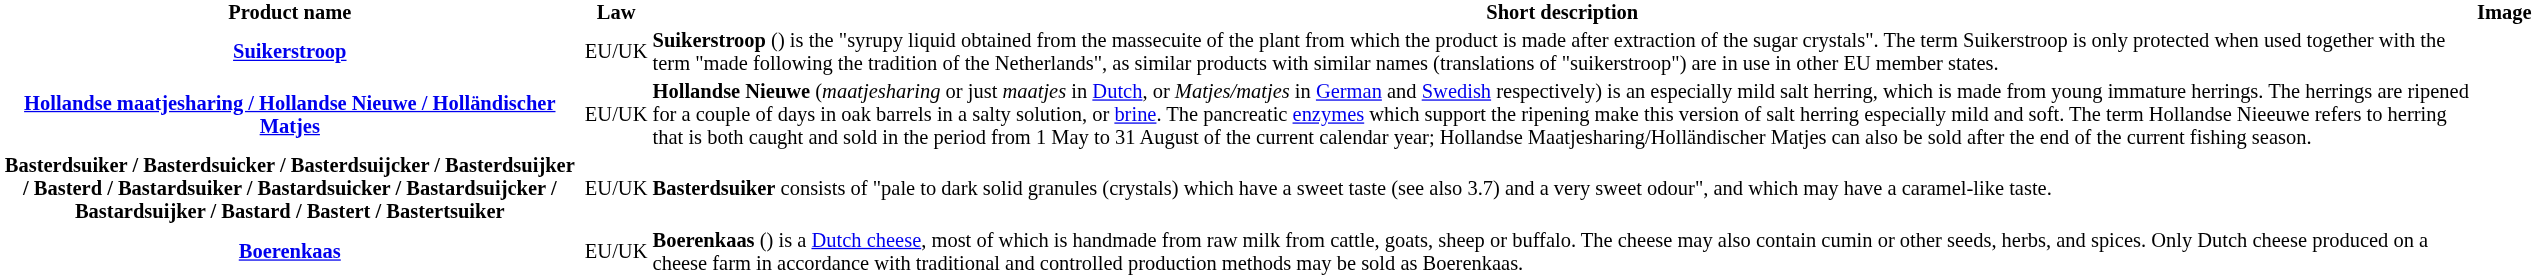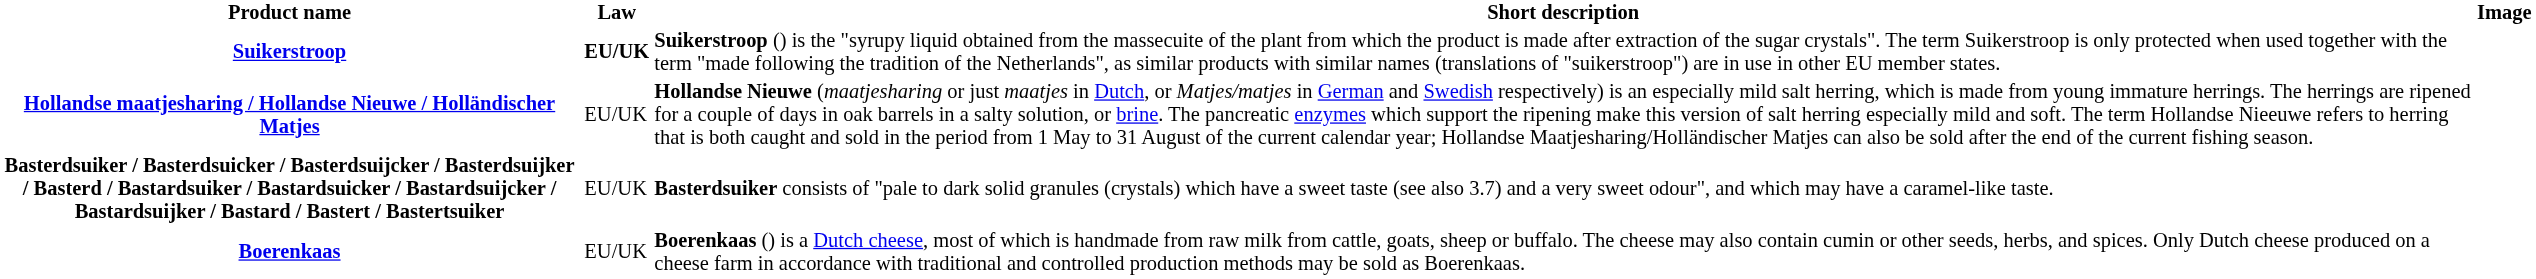 <table>
 <tr>
 <th>Product name</th>
 <th>Law</th>
 <th>Short description</th>
 <th>Image</th>
 </tr>
 <tr>
 <th><a href='#'>Suikerstroop</a></th>
-<td>EU/UK</td>
+<td><strong>EU/UK</strong></td>
 <td><strong>Suikerstroop</strong> () is the "syrupy liquid obtained from the massecuite of the plant from which the product is made after extraction of the sugar crystals". The term Suikerstroop is only protected when used together with the term "made following the tradition of the Netherlands", as similar products with similar names (translations of "suikerstroop") are in use in other EU member states.</td>
 <td></td>
 </tr>
 <tr>
 <th><a href='#'>Hollandse maatjesharing / Hollandse Nieuwe / Holländischer Matjes</a></th>
 <td>EU/UK</td>
 <td><strong>Hollandse Nieuwe</strong> (<em>maatjesharing</em> or just <em>maatjes</em> in <a href='#'>Dutch</a>, or <em>Matjes/matjes</em> in <a href='#'>German</a> and <a href='#'>Swedish</a> respectively) is an especially mild salt herring, which is made from young immature herrings. The herrings are ripened for a couple of days in oak barrels in a salty solution, or <a href='#'>brine</a>. The pancreatic <a href='#'>enzymes</a> which support the ripening make this version of salt herring especially mild and soft. The term Hollandse Nieeuwe refers to herring that is both caught and sold in the period from 1 May to 31 August of the current calendar year; Hollandse Maatjesharing/Holländischer Matjes can also be sold after the end of the current fishing season.</td>
 <td></td>
 </tr>
 <tr>
 <th>Basterdsuiker / Basterdsuicker / Basterdsuijcker / Basterdsuijker / Basterd / Bastardsuiker / Bastardsuicker / Bastardsuijcker / Bastardsuijker / Bastard / Bastert / Bastertsuiker</th>
 <td>EU/UK</td>
 <td><strong>Basterdsuiker</strong> consists of "pale to dark solid granules (crystals) which have a sweet taste (see also 3.7) and a very sweet odour", and which may have a caramel-like taste.</td>
 <td></td>
 </tr>
 <tr>
 <th><a href='#'>Boerenkaas</a></th>
 <td>EU/UK</td>
 <td><strong>Boerenkaas</strong> () is a <a href='#'>Dutch cheese</a>, most of which is handmade from raw milk from cattle, goats, sheep or buffalo. The cheese may also contain cumin or other seeds, herbs, and spices. Only Dutch cheese produced on a cheese farm in accordance with traditional and controlled production methods may be sold as Boerenkaas.</td>
 <td></td>
 </tr>
 <tr>
 </tr>
 </table>
